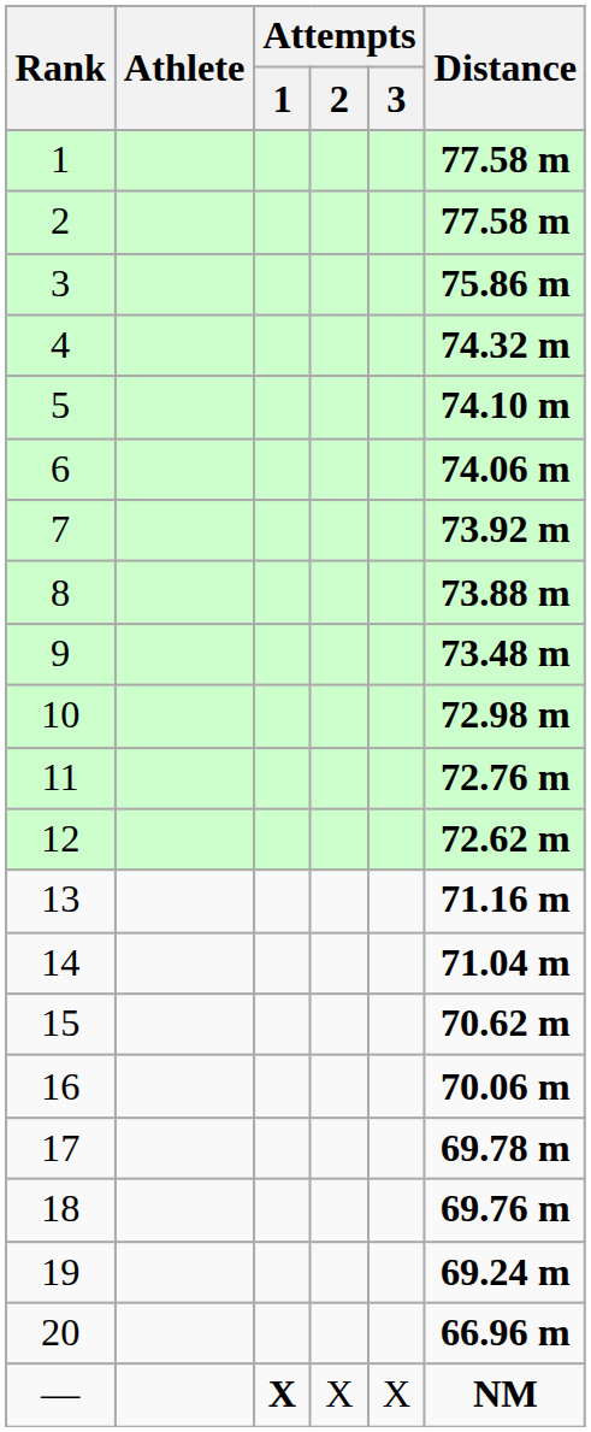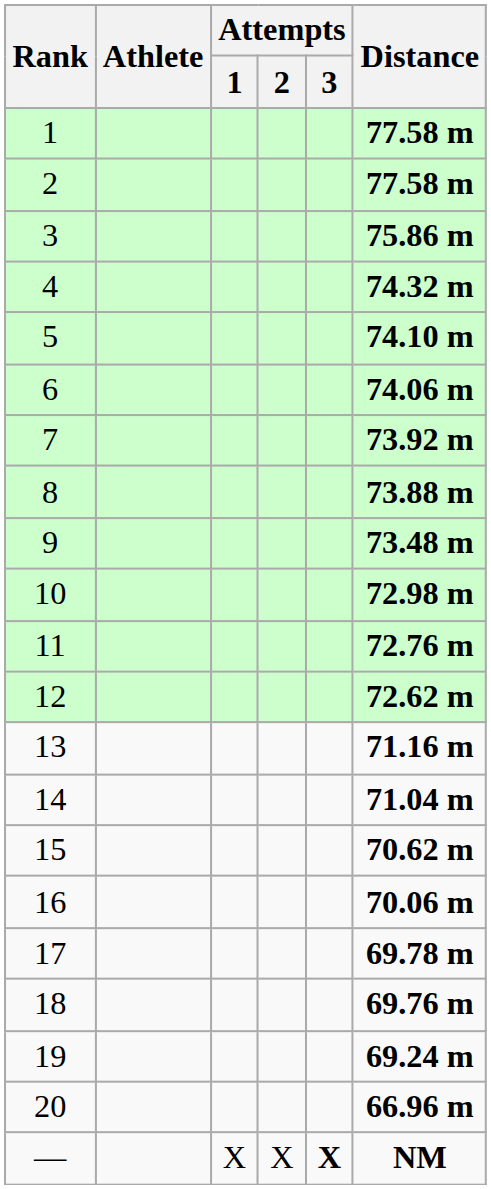 <table class="wikitable sortable" style="text-align:center">
 <tr>
 <th rowspan="2">Rank</th>
 <th rowspan="2">Athlete</th>
 <th colspan="3">Attempts</th>
 <th rowspan="2">Distance</th>
 </tr>
 <tr>
 <th>1</th>
 <th>2</th>
 <th>3</th>
 </tr>
 <tr style="background:#ccffcc;">
 <td>1</td>
 <td align=left></td>
 <td></td>
 <td></td>
 <td></td>
 <td><strong>77.58 m </strong></td>
 </tr>
 <tr style="background:#ccffcc;">
 <td>2</td>
 <td align=left></td>
 <td></td>
 <td></td>
 <td></td>
 <td><strong>77.58 m </strong></td>
 </tr>
 <tr style="background:#ccffcc;">
 <td>3</td>
 <td align=left></td>
 <td></td>
 <td></td>
 <td></td>
 <td><strong>75.86 m</strong></td>
 </tr>
 <tr style="background:#ccffcc;">
 <td>4</td>
 <td align=left></td>
 <td></td>
 <td></td>
 <td></td>
 <td><strong>74.32 m </strong></td>
 </tr>
 <tr style="background:#ccffcc;">
 <td>5</td>
 <td align=left></td>
 <td></td>
 <td></td>
 <td></td>
 <td><strong>74.10 m </strong></td>
 </tr>
 <tr style="background:#ccffcc;">
 <td>6</td>
 <td align=left></td>
 <td></td>
 <td></td>
 <td></td>
 <td><strong>74.06 m</strong></td>
 </tr>
 <tr style="background:#ccffcc;">
 <td>7</td>
 <td align=left></td>
 <td></td>
 <td></td>
 <td></td>
 <td><strong>73.92 m </strong></td>
 </tr>
 <tr style="background:#ccffcc;">
 <td>8</td>
 <td align=left></td>
 <td></td>
 <td></td>
 <td></td>
 <td><strong>73.88 m </strong></td>
 </tr>
 <tr style="background:#ccffcc;">
 <td>9</td>
 <td align=left></td>
 <td></td>
 <td></td>
 <td></td>
 <td><strong>73.48 m </strong></td>
 </tr>
 <tr style="background:#ccffcc;">
 <td>10</td>
 <td align=left></td>
 <td></td>
 <td></td>
 <td></td>
 <td><strong>72.98 m </strong></td>
 </tr>
 <tr style="background:#ccffcc;">
 <td>11</td>
 <td align=left></td>
 <td></td>
 <td></td>
 <td></td>
 <td><strong>72.76 m </strong></td>
 </tr>
 <tr style="background:#ccffcc;">
 <td>12</td>
 <td align=left></td>
 <td></td>
 <td></td>
 <td></td>
 <td><strong>72.62 m </strong></td>
 </tr>
 <tr>
 <td>13</td>
 <td align=left></td>
 <td></td>
 <td></td>
 <td></td>
 <td><strong>71.16 m </strong></td>
 </tr>
 <tr>
 <td>14</td>
 <td align=left></td>
 <td></td>
 <td></td>
 <td></td>
 <td><strong>71.04 m </strong></td>
 </tr>
 <tr>
 <td>15</td>
 <td align=left></td>
 <td></td>
 <td></td>
 <td></td>
 <td><strong>70.62 m </strong></td>
 </tr>
 <tr>
 <td>16</td>
 <td align=left></td>
 <td></td>
 <td></td>
 <td></td>
 <td><strong>70.06 m </strong></td>
 </tr>
 <tr>
 <td>17</td>
 <td align=left></td>
 <td></td>
 <td></td>
 <td></td>
 <td><strong>69.78 m </strong></td>
 </tr>
 <tr>
 <td>18</td>
 <td align=left></td>
 <td></td>
 <td></td>
 <td></td>
 <td><strong>69.76 m </strong></td>
 </tr>
 <tr>
 <td>19</td>
 <td align=left></td>
 <td></td>
 <td></td>
 <td></td>
 <td><strong>69.24 m </strong></td>
 </tr>
 <tr>
 <td>20</td>
 <td align=left></td>
 <td></td>
 <td></td>
 <td></td>
 <td><strong>66.96 m </strong></td>
 </tr>
 <tr>
 <td>—</td>
 <td align=left></td>
-<td><strong>X</strong></td>
 <td>X</td>
 <td>X</td>
+<td><strong>X</strong></td>
 <td><strong>NM </strong></td>
 </tr>
 </table>
